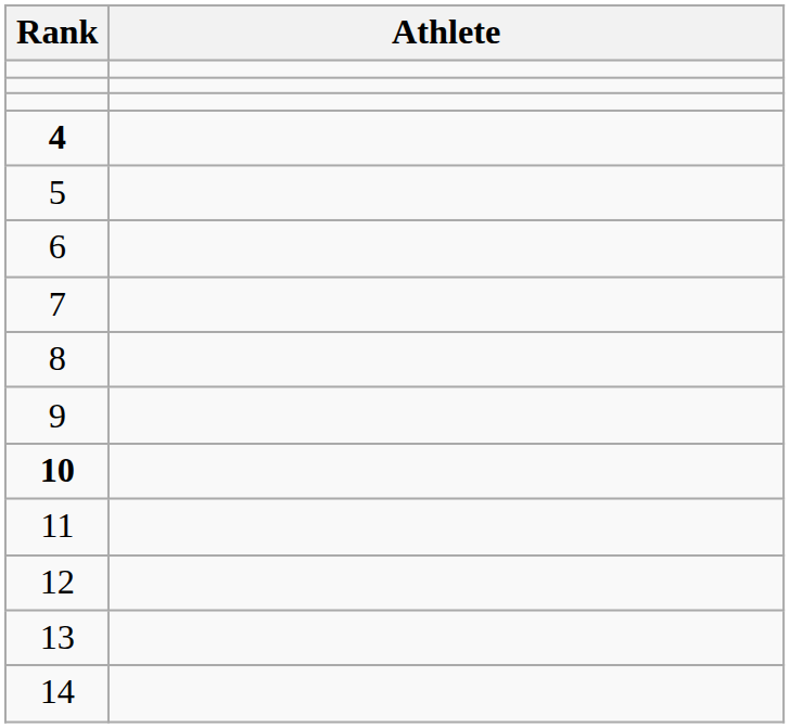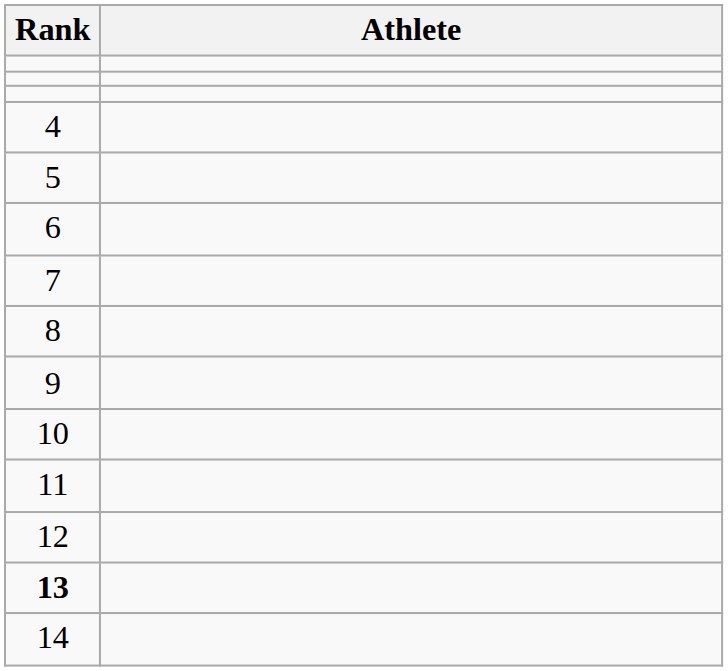 <table class="wikitable" style="text-align: center;">
 <tr>
 <th width=40>Rank</th>
 <th width=300>Athlete</th>
 </tr>
 <tr>
 <td></td>
 <td align="left"></td>
 </tr>
 <tr>
 <td></td>
 <td align="left"></td>
 </tr>
 <tr>
 <td></td>
 <td align="left"></td>
 </tr>
 <tr>
-<td><strong>4</strong></td>
+<td>4</td>
 <td align="left"></td>
 </tr>
 <tr>
 <td>5</td>
 <td align="left"></td>
 </tr>
 <tr>
 <td>6</td>
 <td align="left"></td>
 </tr>
 <tr>
 <td>7</td>
 <td align="left"></td>
 </tr>
 <tr>
 <td>8</td>
 <td align="left"></td>
 </tr>
 <tr>
 <td>9</td>
 <td align="left"></td>
 </tr>
 <tr>
-<td><strong>10</strong></td>
+<td>10</td>
 <td align="left"></td>
 </tr>
 <tr>
 <td>11</td>
 <td align="left"></td>
 </tr>
 <tr>
 <td>12</td>
 <td align="left"></td>
 </tr>
 <tr>
-<td>13</td>
+<td><strong>13</strong></td>
 <td align="left"></td>
 </tr>
 <tr>
 <td>14</td>
 <td align="left"></td>
 </tr>
 </table>
